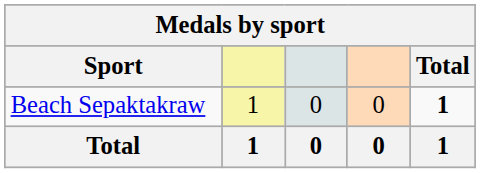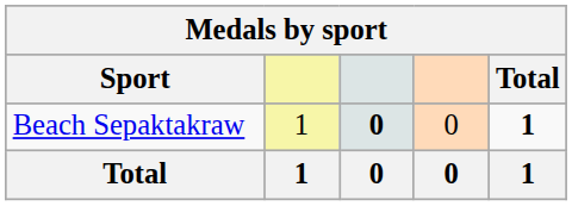 <table class="wikitable" style="font-size:90%; text-align:center;">
 <tr>
 <th colspan=5>Medals by sport</th>
 </tr>
 <tr>
 <th width=120>Sport</th>
 <th scope="col" width=30 style="background:#F7F6A8;"></th>
 <th scope="col" width=30 style="background:#DCE5E5;"></th>
 <th scope="col" width=30 style="background:#FFDAB9;"></th>
 <th width=30>Total</th>
 </tr>
 <tr>
 <td align=left> <a href='#'>Beach Sepaktakraw</a></td>
 <td style="background:#F7F6A8;">1</td>
-<td style="background:#DCE5E5;">0</td>
+<td style="background:#DCE5E5;"><strong>0</strong></td>
 <td style="background:#FFDAB9;">0</td>
 <td><strong>1</strong></td>
 </tr>
 <tr class="sortbottom">
 <th>Total</th>
 <th>1</th>
 <th>0</th>
 <th>0</th>
 <th>1</th>
 </tr>
 </table>
